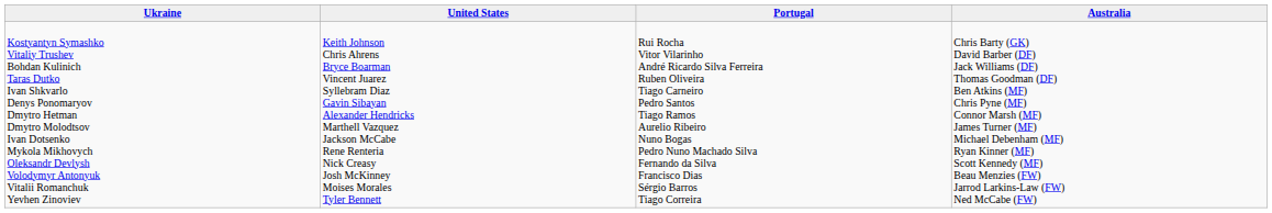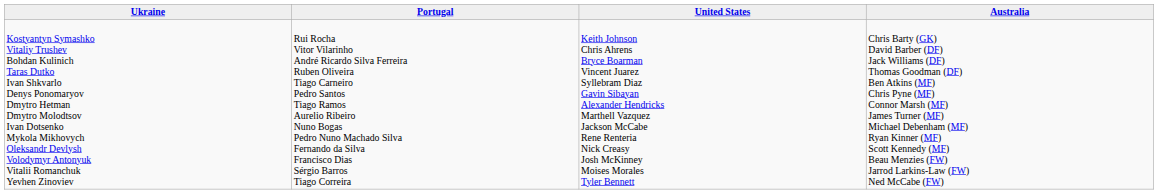 <table class="wikitable mw-collapsible mw-collapsed" cellpadding=5 cellspacing=0 style="width:95%">
 <tr align=center>
 <td bgcolor="#efefef" width="200"><strong> <a href='#'>Ukraine</a></strong></td>
+<td bgcolor="#efefef" width="200"><strong> <a href='#'>Portugal</a></strong></td>
 <td bgcolor="#efefef" width="200"><strong> <a href='#'>United States</a></strong></td>
-<td bgcolor="#efefef" width="200"><strong> <a href='#'>Portugal</a></strong></td>
 <td bgcolor="#efefef" width="200"><strong> <a href='#'>Australia</a></strong></td>
 </tr>
 <tr valign=top>
 <td><br><a href='#'>Kostyantyn Symashko</a><br> <a href='#'>Vitaliy Trushev</a><br> Bohdan Kulinich<br> <a href='#'>Taras Dutko</a><br> Ivan Shkvarlo<br> Denys Ponomaryov<br> Dmytro Hetman<br> Dmytro Molodtsov<br> Ivan Dotsenko<br> Mykola Mikhovych<br> <a href='#'>Oleksandr Devlysh</a><br> <a href='#'>Volodymyr Antonyuk</a><br> Vitalii Romanchuk<br> Yevhen Zinoviev<br></td>
+<td><br>Rui Rocha<br> Vitor Vilarinho<br> André Ricardo Silva Ferreira<br> Ruben Oliveira<br> Tiago Carneiro<br> Pedro Santos<br> Tiago Ramos<br> Aurelio Ribeiro<br> Nuno Bogas<br> Pedro Nuno Machado Silva<br> Fernando da Silva<br> Francisco Dias<br> Sérgio Barros<br> Tiago Correira<br></td>
 <td><br><a href='#'>Keith Johnson</a><br> Chris Ahrens<br> <a href='#'>Bryce Boarman</a><br> Vincent Juarez<br> Syllebram Diaz<br> <a href='#'>Gavin Sibayan</a><br> <a href='#'>Alexander Hendricks</a><br> Marthell Vazquez<br> Jackson McCabe<br> Rene Renteria<br> Nick Creasy<br> Josh McKinney<br> Moises Morales<br> <a href='#'>Tyler Bennett</a><br></td>
-<td><br>Rui Rocha<br> Vitor Vilarinho<br> André Ricardo Silva Ferreira<br> Ruben Oliveira<br> Tiago Carneiro<br> Pedro Santos<br> Tiago Ramos<br> Aurelio Ribeiro<br> Nuno Bogas<br> Pedro Nuno Machado Silva<br> Fernando da Silva<br> Francisco Dias<br> Sérgio Barros<br> Tiago Correira<br></td>
 <td><br>Chris Barty (<a href='#'>GK</a>)<br> David Barber (<a href='#'>DF</a>)<br> Jack Williams (<a href='#'>DF</a>)<br> Thomas Goodman (<a href='#'>DF</a>)<br> Ben Atkins (<a href='#'>MF</a>)<br> Chris Pyne (<a href='#'>MF</a>)<br> Connor Marsh (<a href='#'>MF</a>)<br> James Turner (<a href='#'>MF</a>)<br> Michael Debenham (<a href='#'>MF</a>)<br> Ryan Kinner (<a href='#'>MF</a>)<br> Scott Kennedy (<a href='#'>MF</a>)<br> Beau Menzies (<a href='#'>FW</a>)<br> Jarrod Larkins-Law (<a href='#'>FW</a>)<br> Ned McCabe (<a href='#'>FW</a>)<br></td>
 </tr>
 </table>
